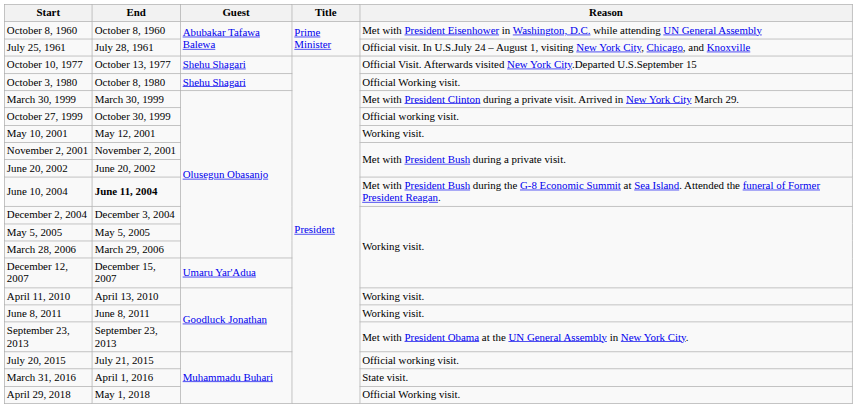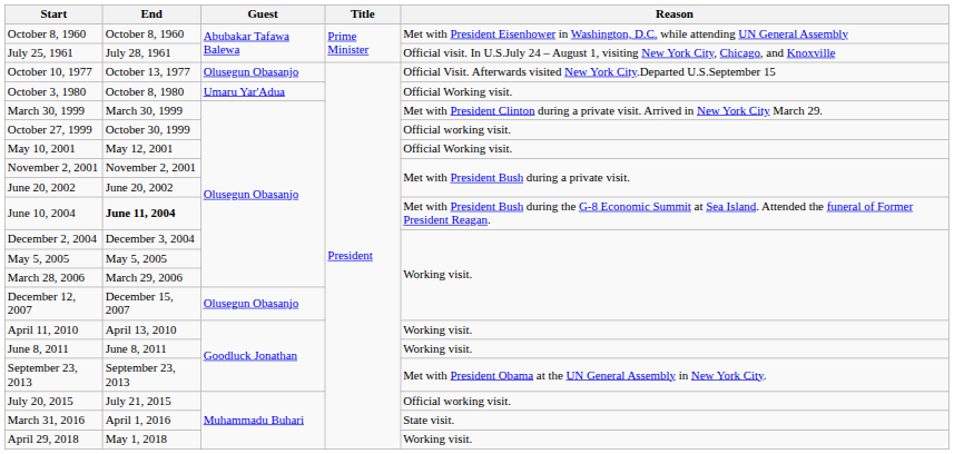 <table class="wikitable sortable">
 <tr>
 <th>Start</th>
 <th>End</th>
 <th>Guest</th>
 <th>Title</th>
 <th>Reason</th>
 </tr>
 <tr>
 <td>October 8, 1960</td>
 <td>October 8, 1960</td>
 <td rowspan=2><a href='#'>Abubakar Tafawa Balewa</a></td>
 <td rowspan=2><a href='#'>Prime Minister</a></td>
 <td>Met with <a href='#'>President Eisenhower</a> in <a href='#'>Washington, D.C.</a> while attending <a href='#'>UN General Assembly</a></td>
 </tr>
 <tr>
 <td>July 25, 1961</td>
 <td>July 28, 1961</td>
 <td>Official visit. In U.S.July 24 – August 1, visiting <a href='#'>New York City</a>, <a href='#'>Chicago</a>, and <a href='#'>Knoxville</a></td>
 </tr>
 <tr>
 <td>October 10, 1977</td>
 <td>October 13, 1977</td>
-<td><a href='#'>Shehu Shagari</a></td>
+<td><a href='#'>Olusegun Obasanjo</a></td>
 <td rowspan=18><a href='#'>President</a></td>
 <td>Official Visit. Afterwards visited <a href='#'>New York City</a>.Departed U.S.September 15</td>
 </tr>
 <tr>
 <td>October 3, 1980</td>
 <td>October 8, 1980</td>
-<td><a href='#'>Shehu Shagari</a></td>
+<td><a href='#'>Umaru Yar'Adua</a></td>
 <td>Official Working visit.</td>
 </tr>
 <tr>
 <td>March 30, 1999</td>
 <td>March 30, 1999</td>
 <td rowspan=9><a href='#'>Olusegun Obasanjo</a></td>
 <td>Met with <a href='#'>President Clinton</a> during a private visit. Arrived in <a href='#'>New York City</a> March 29.</td>
 </tr>
 <tr>
 <td>October 27, 1999</td>
 <td>October 30, 1999</td>
 <td>Official working visit.</td>
 </tr>
 <tr>
 <td>May 10, 2001</td>
 <td>May 12, 2001</td>
-<td>Working visit.</td>
+<td>Official Working visit.</td>
 </tr>
 <tr>
 <td>November 2, 2001</td>
 <td>November 2, 2001</td>
 <td rowspan=2>Met with <a href='#'>President Bush</a> during a private visit.</td>
 </tr>
 <tr>
 <td>June 20, 2002</td>
 <td>June 20, 2002</td>
 </tr>
 <tr>
 <td>June 10, 2004</td>
 <td><strong>June 11, 2004</strong></td>
 <td>Met with <a href='#'>President Bush</a> during the <a href='#'>G-8 Economic Summit</a> at <a href='#'>Sea Island</a>. Attended the <a href='#'>funeral of Former President Reagan</a>.</td>
 </tr>
 <tr>
 <td>December 2, 2004</td>
 <td>December 3, 2004</td>
 <td rowspan=4>Working visit.</td>
 </tr>
 <tr>
 <td>May 5, 2005</td>
 <td>May 5, 2005</td>
 </tr>
 <tr>
 <td>March 28, 2006</td>
 <td>March 29, 2006</td>
 </tr>
 <tr>
 <td>December 12, 2007</td>
 <td>December 15, 2007</td>
-<td><a href='#'>Umaru Yar'Adua</a></td>
+<td><a href='#'>Olusegun Obasanjo</a></td>
 </tr>
 <tr>
 <td>April 11, 2010</td>
 <td>April 13, 2010</td>
 <td rowspan=3><a href='#'>Goodluck Jonathan</a></td>
 <td>Working visit.</td>
 </tr>
 <tr>
 <td>June 8, 2011</td>
 <td>June 8, 2011</td>
 <td>Working visit.</td>
 </tr>
 <tr>
 <td>September 23, 2013</td>
 <td>September 23, 2013</td>
 <td>Met with <a href='#'>President Obama</a> at the <a href='#'>UN General Assembly</a> in <a href='#'>New York City</a>.</td>
 </tr>
 <tr>
 <td>July 20, 2015</td>
 <td>July 21, 2015</td>
 <td rowspan=3><a href='#'>Muhammadu Buhari</a></td>
 <td>Official working visit.</td>
 </tr>
 <tr>
 <td>March 31, 2016</td>
 <td>April 1, 2016</td>
 <td>State visit.</td>
 </tr>
 <tr>
 <td>April 29, 2018</td>
 <td>May 1, 2018</td>
-<td>Official Working visit.</td>
+<td>Working visit.</td>
 </tr>
 </table>
